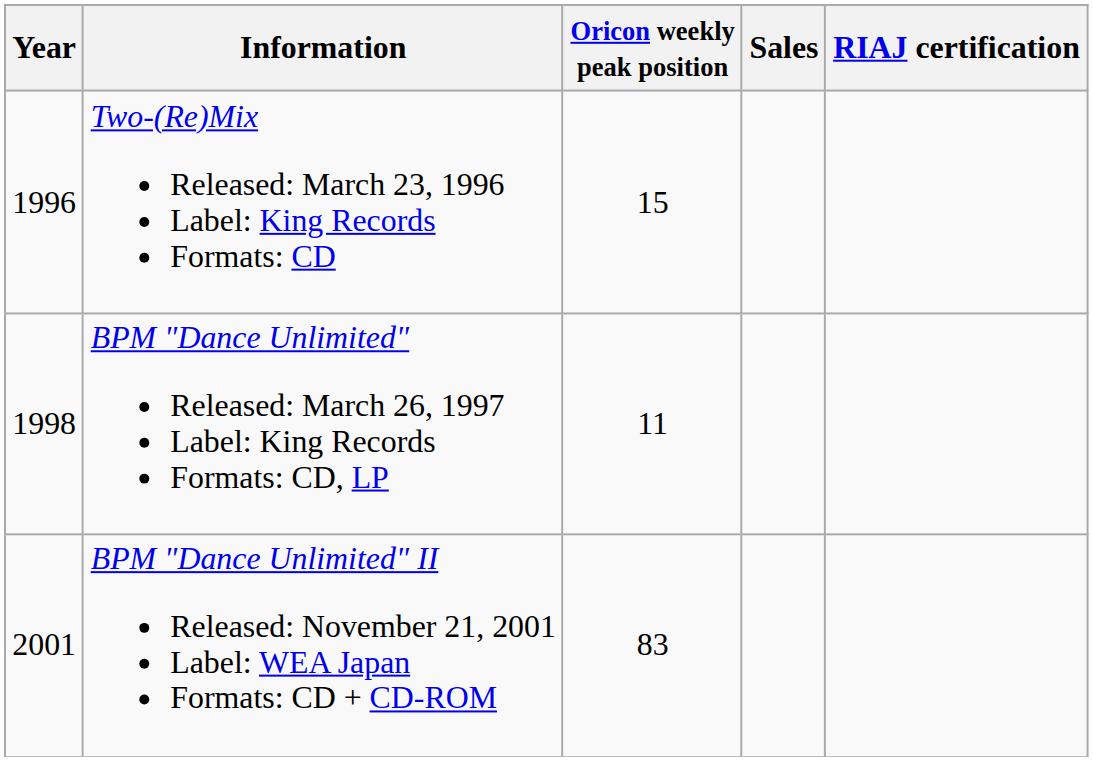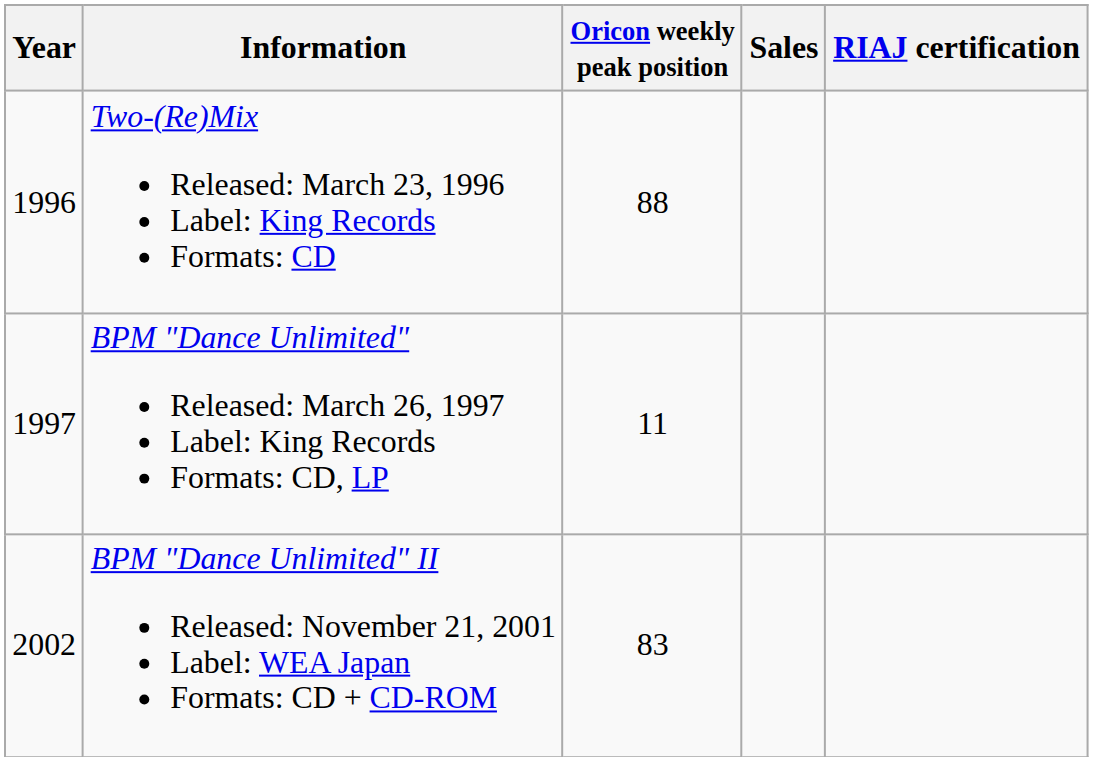 <table class="wikitable">
 <tr>
 <th>Year</th>
 <th>Information</th>
 <th><small><a href='#'>Oricon</a> weekly<br>peak position</small></th>
 <th>Sales</th>
 <th><a href='#'>RIAJ</a> certification</th>
 </tr>
 <tr>
 <td>1996</td>
 <td><em><a href='#'>Two-(Re)Mix</a></em><br><ul><li>Released: March 23, 1996</li><li>Label: <a href='#'>King Records</a></li><li>Formats: <a href='#'>CD</a></li></ul></td>
-<td style="text-align:center;">15</td>
+<td style="text-align:center;">88</td>
 <td align="left"></td>
 <td align="left"></td>
 </tr>
 <tr>
-<td>1998</td>
+<td>1997</td>
 <td><em><a href='#'>BPM "Dance Unlimited"</a></em><br><ul><li>Released: March 26, 1997</li><li>Label: King Records</li><li>Formats: CD, <a href='#'>LP</a></li></ul></td>
 <td style="text-align:center;">11</td>
 <td align="left"></td>
 <td align="left"></td>
 </tr>
 <tr>
-<td>2001</td>
+<td>2002</td>
 <td><em><a href='#'>BPM "Dance Unlimited" II</a></em><br><ul><li>Released: November 21, 2001</li><li>Label: <a href='#'>WEA Japan</a></li><li>Formats: CD + <a href='#'>CD-ROM</a></li></ul></td>
 <td style="text-align:center;">83</td>
 <td align="left"></td>
 <td align="left"></td>
 </tr>
 </table>
